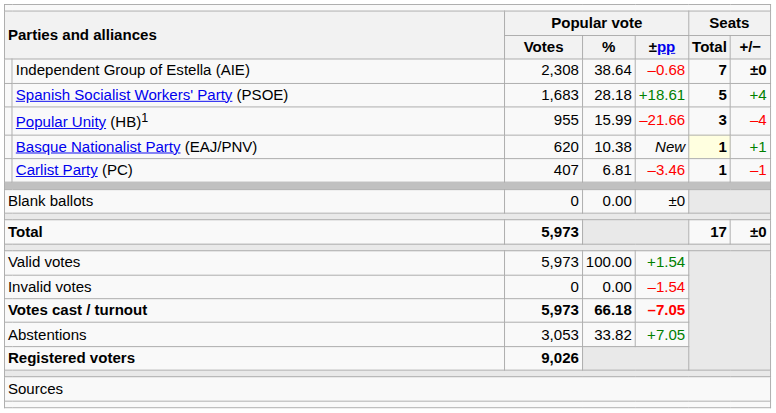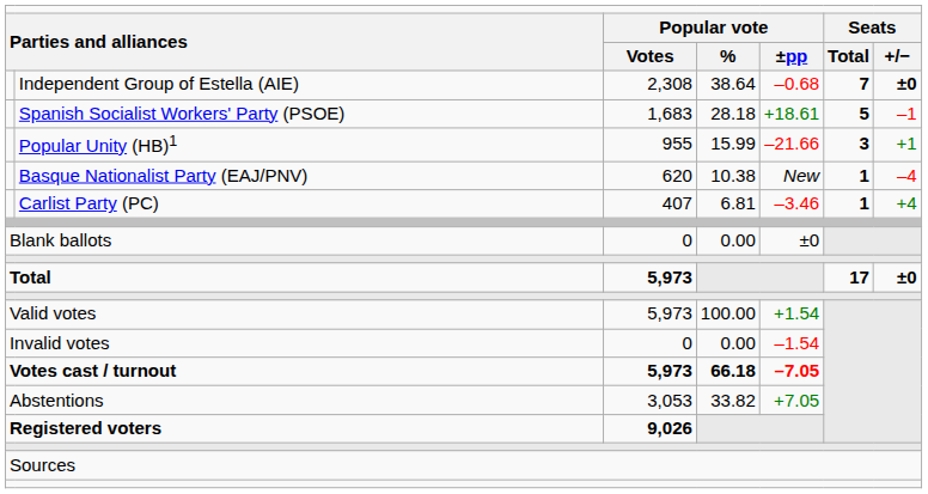 <table class="wikitable" style="text-align:right;">
 <tr>
 <td colspan="7"></td>
 </tr>
 <tr>
 <th style="text-align:left;" rowspan="2" colspan="2" width="525">Parties and alliances</th>
 <th colspan="3">Popular vote</th>
 <th colspan="2">Seats</th>
 </tr>
 <tr>
 <th width="75">Votes</th>
 <th width="45">%</th>
 <th width="45">±<a href='#'>pp</a></th>
 <th width="35">Total</th>
 <th width="35">+/−</th>
 </tr>
 <tr>
 <td width="1" style="color:inherit;background:"></td>
 <td align="left">Independent Group of Estella (AIE)</td>
 <td>2,308</td>
 <td>38.64</td>
 <td style="color:red;">–0.68</td>
 <td><strong>7</strong></td>
 <td><strong>±0</strong></td>
 </tr>
 <tr>
 <td style="color:inherit;background:"></td>
 <td align="left"><a href='#'>Spanish Socialist Workers' Party</a> (PSOE)</td>
 <td>1,683</td>
 <td>28.18</td>
 <td style="color:green;">+18.61</td>
 <td><strong>5</strong></td>
-<td style="color:green;">+4</td>
+<td style="color:red;">–1</td>
 </tr>
 <tr>
 <td style="color:inherit;background:"></td>
 <td align="left"><a href='#'>Popular Unity</a> (HB)<sup>1</sup></td>
 <td>955</td>
 <td>15.99</td>
 <td style="color:red;">–21.66</td>
 <td><strong>3</strong></td>
-<td style="color:red;">–4</td>
+<td style="color:green;">+1</td>
 </tr>
 <tr>
 <td style="color:inherit;background:"></td>
 <td align="left"><a href='#'>Basque Nationalist Party</a> (EAJ/PNV)</td>
 <td>620</td>
 <td>10.38</td>
 <td><em>New</em></td>
-<td style="background: lightyellow;"><strong>1</strong></td>
-<td style="color:green;">+1</td>
+<td><strong>1</strong></td>
+<td style="color:red;">–4</td>
 </tr>
 <tr>
 <td style="color:inherit;background:"></td>
 <td align="left"><a href='#'>Carlist Party</a> (PC)</td>
 <td>407</td>
 <td>6.81</td>
 <td style="color:red;">–3.46</td>
 <td><strong>1</strong></td>
-<td style="color:red;">–1</td>
+<td style="color:green;">+4</td>
 </tr>
 <tr>
 <td colspan="7" bgcolor="#C0C0C0"></td>
 </tr>
 <tr>
 <td align="left" colspan="2">Blank ballots</td>
 <td>0</td>
 <td>0.00</td>
 <td>±0</td>
 <td bgcolor="#E9E9E9" colspan="2"></td>
 </tr>
 <tr>
 <td colspan="7" bgcolor="#E9E9E9"></td>
 </tr>
 <tr style="font-weight:bold;">
 <td align="left" colspan="2">Total</td>
 <td>5,973</td>
 <td bgcolor="#E9E9E9" colspan="2"></td>
 <td>17</td>
 <td>±0</td>
 </tr>
 <tr>
 <td colspan="7" bgcolor="#E9E9E9"></td>
 </tr>
 <tr>
 <td align="left" colspan="2">Valid votes</td>
 <td>5,973</td>
 <td>100.00</td>
 <td style="color:green;">+1.54</td>
 <td bgcolor="#E9E9E9" colspan="2" rowspan="5"></td>
 </tr>
 <tr>
 <td align="left" colspan="2">Invalid votes</td>
 <td>0</td>
 <td>0.00</td>
 <td style="color:red;">–1.54</td>
 </tr>
 <tr style="font-weight:bold;">
 <td align="left" colspan="2">Votes cast / turnout</td>
 <td>5,973</td>
 <td>66.18</td>
 <td style="color:red;">–7.05</td>
 </tr>
 <tr>
 <td align="left" colspan="2">Abstentions</td>
 <td>3,053</td>
 <td>33.82</td>
 <td style="color:green;">+7.05</td>
 </tr>
 <tr style="font-weight:bold;">
 <td align="left" colspan="2">Registered voters</td>
 <td>9,026</td>
 <td bgcolor="#E9E9E9" colspan="2"></td>
 </tr>
 <tr>
 <td colspan="7" bgcolor="#E9E9E9"></td>
 </tr>
 <tr>
 <td align="left" colspan="7">Sources</td>
 </tr>
 <tr>
 <td colspan="7" style="text-align:left; max-width:790px;"></td>
 </tr>
 </table>
